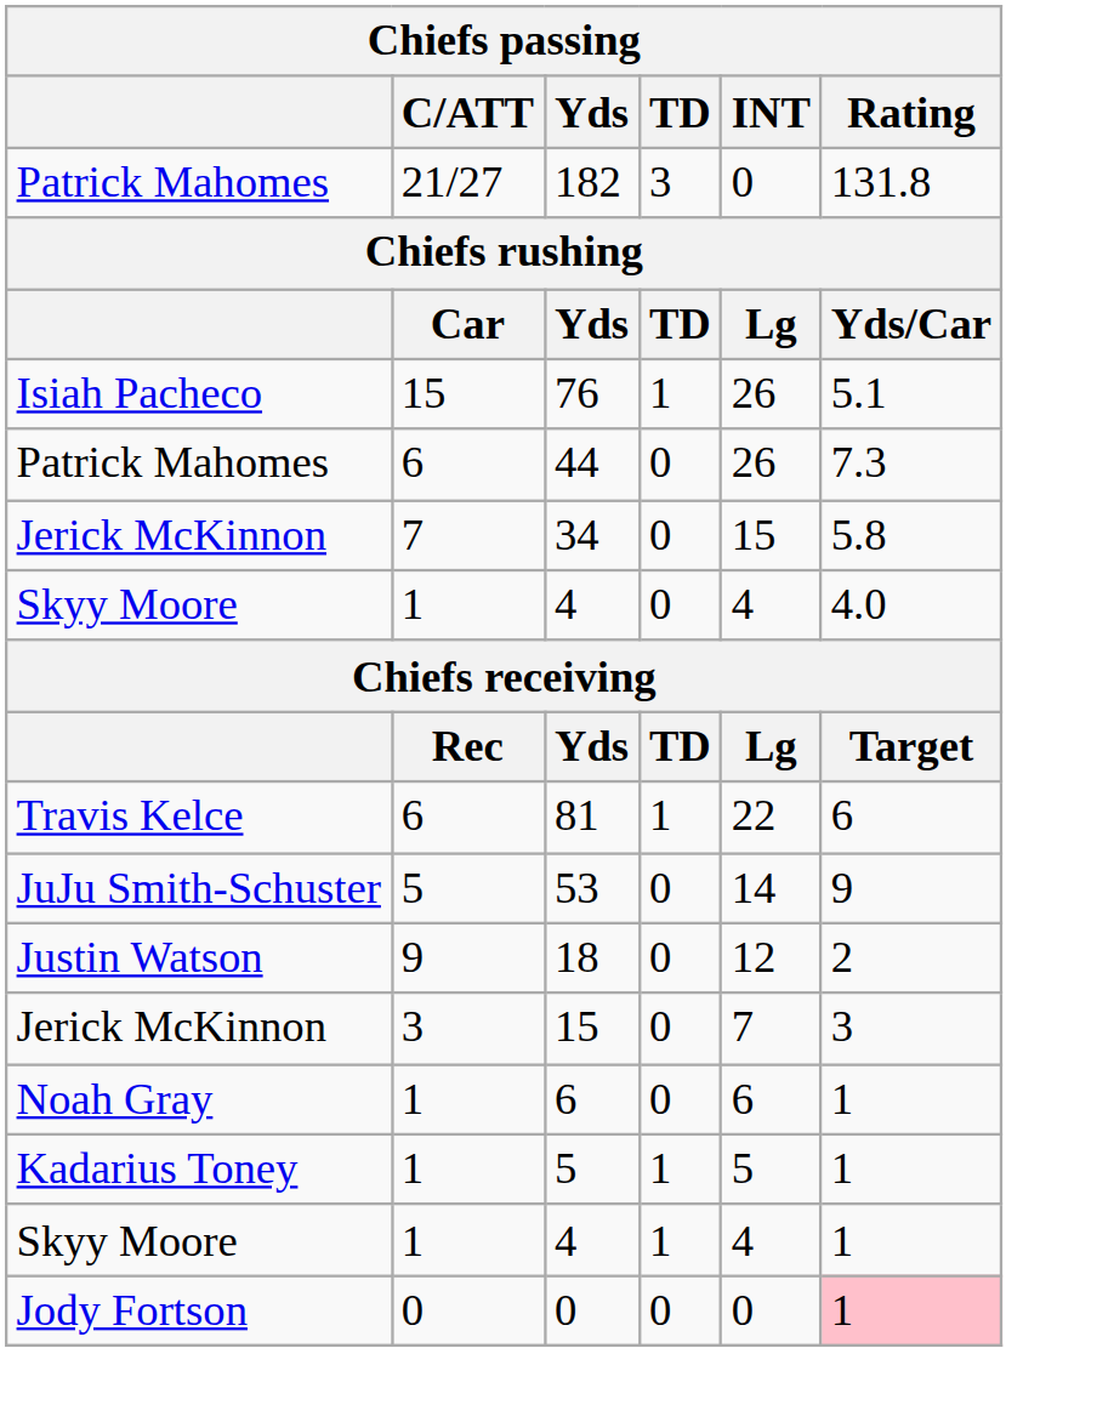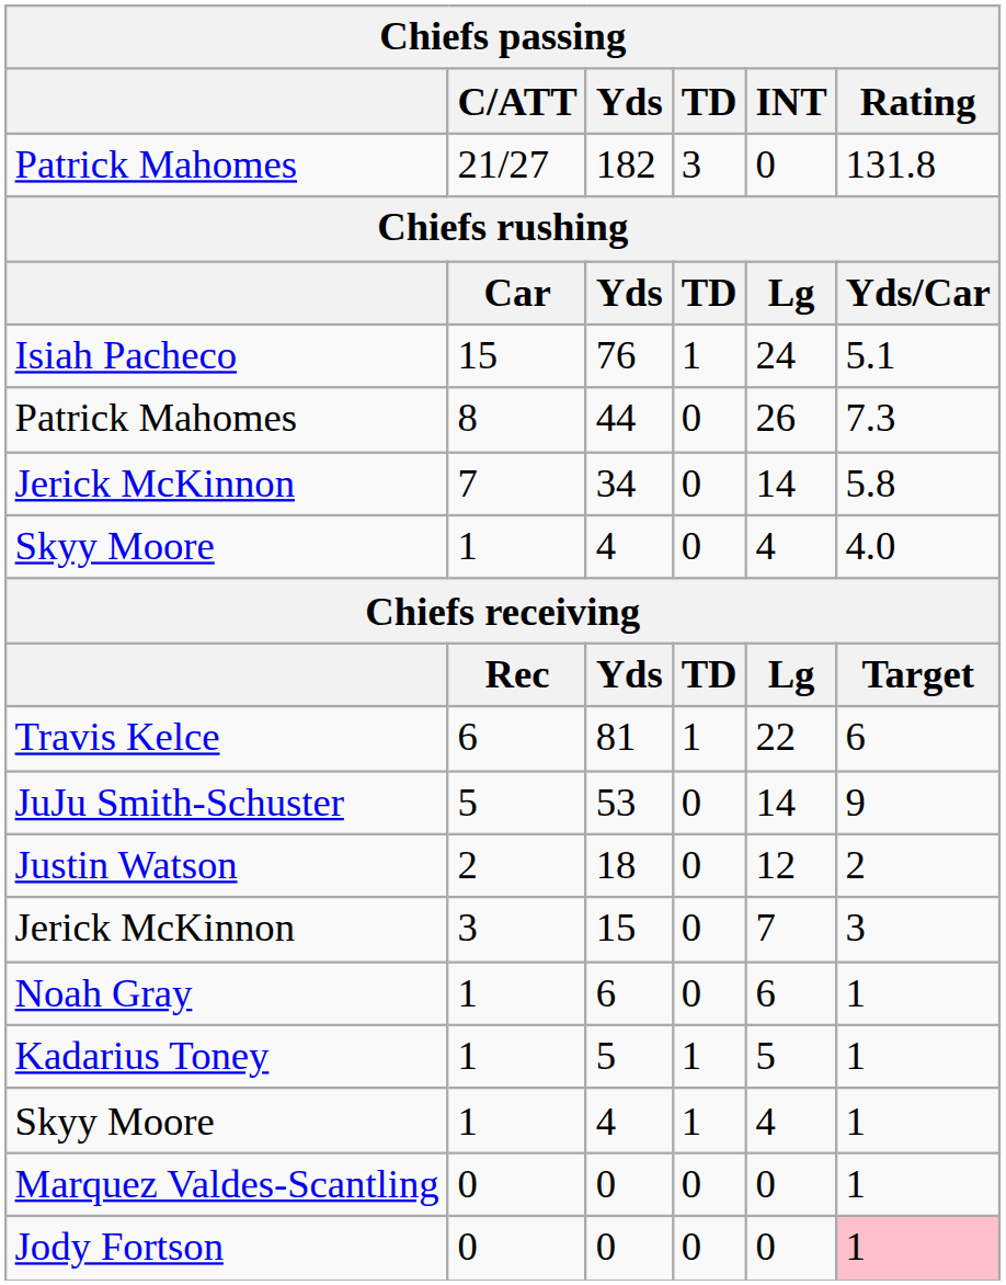 <table class="wikitable plainrowheaders">
 <tr>
 <th colspan="6">Chiefs passing</th>
 </tr>
 <tr>
 <th scope="col"></th>
 <th scope="col">C/ATT</th>
 <th scope="col">Yds</th>
 <th scope="col">TD</th>
 <th scope="col">INT</th>
 <th scope="col">Rating</th>
 </tr>
 <tr>
 <td><a href='#'>Patrick Mahomes</a></td>
 <td>21/27</td>
 <td>182</td>
 <td>3</td>
 <td>0</td>
 <td>131.8</td>
 </tr>
 <tr>
 <th colspan="6">Chiefs rushing</th>
 </tr>
 <tr>
 <th scope="col"></th>
 <th scope="col">Car</th>
 <th scope="col">Yds</th>
 <th scope="col">TD</th>
 <th scope="col">Lg</th>
 <th scope="col">Yds/Car</th>
 </tr>
 <tr>
 <td><a href='#'>Isiah Pacheco</a></td>
 <td>15</td>
 <td>76</td>
 <td>1</td>
-<td>26</td>
+<td>24</td>
 <td>5.1</td>
 </tr>
 <tr>
 <td>Patrick Mahomes</td>
-<td>6</td>
+<td>8</td>
 <td>44</td>
 <td>0</td>
 <td>26</td>
 <td>7.3</td>
 </tr>
 <tr>
 <td><a href='#'>Jerick McKinnon</a></td>
 <td>7</td>
 <td>34</td>
 <td>0</td>
-<td>15</td>
+<td>14</td>
 <td>5.8</td>
 </tr>
 <tr>
 <td><a href='#'>Skyy Moore</a></td>
 <td>1</td>
 <td>4</td>
 <td>0</td>
 <td>4</td>
 <td>4.0</td>
 </tr>
 <tr>
 <th colspan="6">Chiefs receiving</th>
 </tr>
 <tr>
 <th scope="col"></th>
 <th scope="col">Rec</th>
 <th scope="col">Yds</th>
 <th scope="col">TD</th>
 <th scope="col">Lg</th>
 <th scope="col">Target</th>
 </tr>
 <tr>
 <td><a href='#'>Travis Kelce</a></td>
 <td>6</td>
 <td>81</td>
 <td>1</td>
 <td>22</td>
 <td>6</td>
 </tr>
 <tr>
 <td><a href='#'>JuJu Smith-Schuster</a></td>
 <td>5</td>
 <td>53</td>
 <td>0</td>
 <td>14</td>
 <td>9</td>
 </tr>
 <tr>
 <td><a href='#'>Justin Watson</a></td>
-<td>9</td>
+<td>2</td>
 <td>18</td>
 <td>0</td>
 <td>12</td>
 <td>2</td>
 </tr>
 <tr>
 <td>Jerick McKinnon</td>
 <td>3</td>
 <td>15</td>
 <td>0</td>
 <td>7</td>
 <td>3</td>
 </tr>
 <tr>
 <td><a href='#'>Noah Gray</a></td>
 <td>1</td>
 <td>6</td>
 <td>0</td>
 <td>6</td>
 <td>1</td>
 </tr>
 <tr>
 <td><a href='#'>Kadarius Toney</a></td>
 <td>1</td>
 <td>5</td>
 <td>1</td>
 <td>5</td>
 <td>1</td>
 </tr>
 <tr>
 <td>Skyy Moore</td>
 <td>1</td>
 <td>4</td>
 <td>1</td>
 <td>4</td>
 <td>1</td>
 </tr>
 <tr>
+<td><a href='#'>Marquez Valdes-Scantling</a></td>
+<td>0</td>
+<td>0</td>
+<td>0</td>
+<td>0</td>
+<td>1</td>
+</tr>
+<tr>
 <td><a href='#'>Jody Fortson</a></td>
 <td>0</td>
 <td>0</td>
 <td>0</td>
 <td>0</td>
 <td style="background: pink;">1</td>
 </tr>
 <tr>
 </tr>
 </table>
